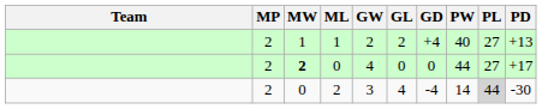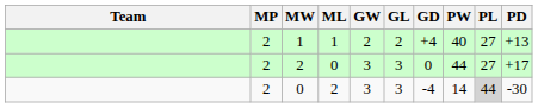 <table class=wikitable style="text-align:center">
 <tr>
 <th width=250>Team</th>
 <th width=20>MP</th>
 <th width=20>MW</th>
 <th width=20>ML</th>
 <th width=20>GW</th>
 <th width=20>GL</th>
 <th width=20>GD</th>
 <th width=20>PW</th>
 <th width=20>PL</th>
 <th width=20>PD</th>
 </tr>
 <tr style="background:#cfc;">
 <td align=left><br></td>
 <td>2</td>
 <td>1</td>
 <td>1</td>
 <td>2</td>
 <td>2</td>
 <td>+4</td>
 <td>40</td>
 <td>27</td>
 <td>+13</td>
 </tr>
 <tr style="background:#cfc;">
 <td align=left><br></td>
 <td>2</td>
-<td><strong>2</strong></td>
+<td>2</td>
 <td>0</td>
-<td>4</td>
-<td>0</td>
+<td>3</td>
+<td>3</td>
 <td>0</td>
 <td>44</td>
 <td>27</td>
 <td>+17</td>
 </tr>
 <tr>
 <td align=left><br></td>
 <td>2</td>
 <td>0</td>
 <td>2</td>
 <td>3</td>
-<td>4</td>
+<td>3</td>
 <td>-4</td>
 <td>14</td>
 <td style="background: lightgrey;">44</td>
 <td>-30</td>
 </tr>
 </table>
